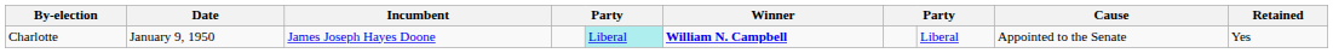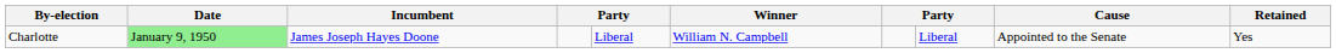 <table class=wikitable style="width:100%">
 <tr>
 <th>By-election</th>
 <th>Date</th>
 <th>Incumbent</th>
 <th colspan=2>Party</th>
 <th>Winner</th>
 <th colspan=2>Party</th>
 <th>Cause</th>
 <th>Retained</th>
 </tr>
 <tr>
 <td>Charlotte</td>
-<td>January 9, 1950</td>
+<td style="background: lightgreen;">January 9, 1950</td>
 <td><a href='#'>James Joseph Hayes Doone</a></td>
 <td>    </td>
-<td style="background: paleturquoise;"><a href='#'>Liberal</a></td>
-<td><strong><a href='#'>William N. Campbell</a></strong></td>
+<td><a href='#'>Liberal</a></td>
+<td><a href='#'>William N. Campbell</a></td>
 <td>    </td>
 <td><a href='#'>Liberal</a></td>
 <td>Appointed to the Senate</td>
 <td>Yes</td>
 </tr>
 </table>
